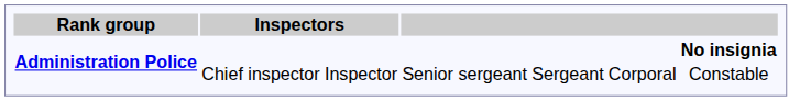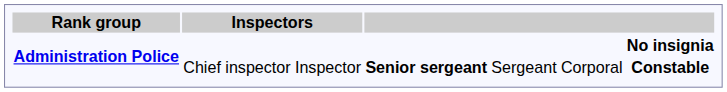 <table style="border:1px solid #8888aa; background-color:#f7f8ff; padding:5px; font-size:95%; margin: 0px 12px 12px 0px;">
 <tr style="background-color:#CCCCCC;">
 <th>Rank group</th>
 <th colspan=2>Inspectors</th>
 <th colspan=4></th>
 </tr>
 <tr style="text-align:center;">
 <td rowspan=2><strong> <a href='#'>Administration Police</a></strong></td>
 <td></td>
 <td></td>
 <td></td>
 <td></td>
 <td></td>
 <td><strong>No insignia</strong></td>
 </tr>
 <tr style="text-align:center;">
 <td>Chief inspector</td>
 <td>Inspector</td>
-<td>Senior sergeant</td>
+<td><strong>Senior sergeant</strong></td>
 <td>Sergeant</td>
 <td>Corporal</td>
-<td>Constable</td>
+<td><strong>Constable</strong></td>
 </tr>
 <tr>
 </tr>
 </table>
